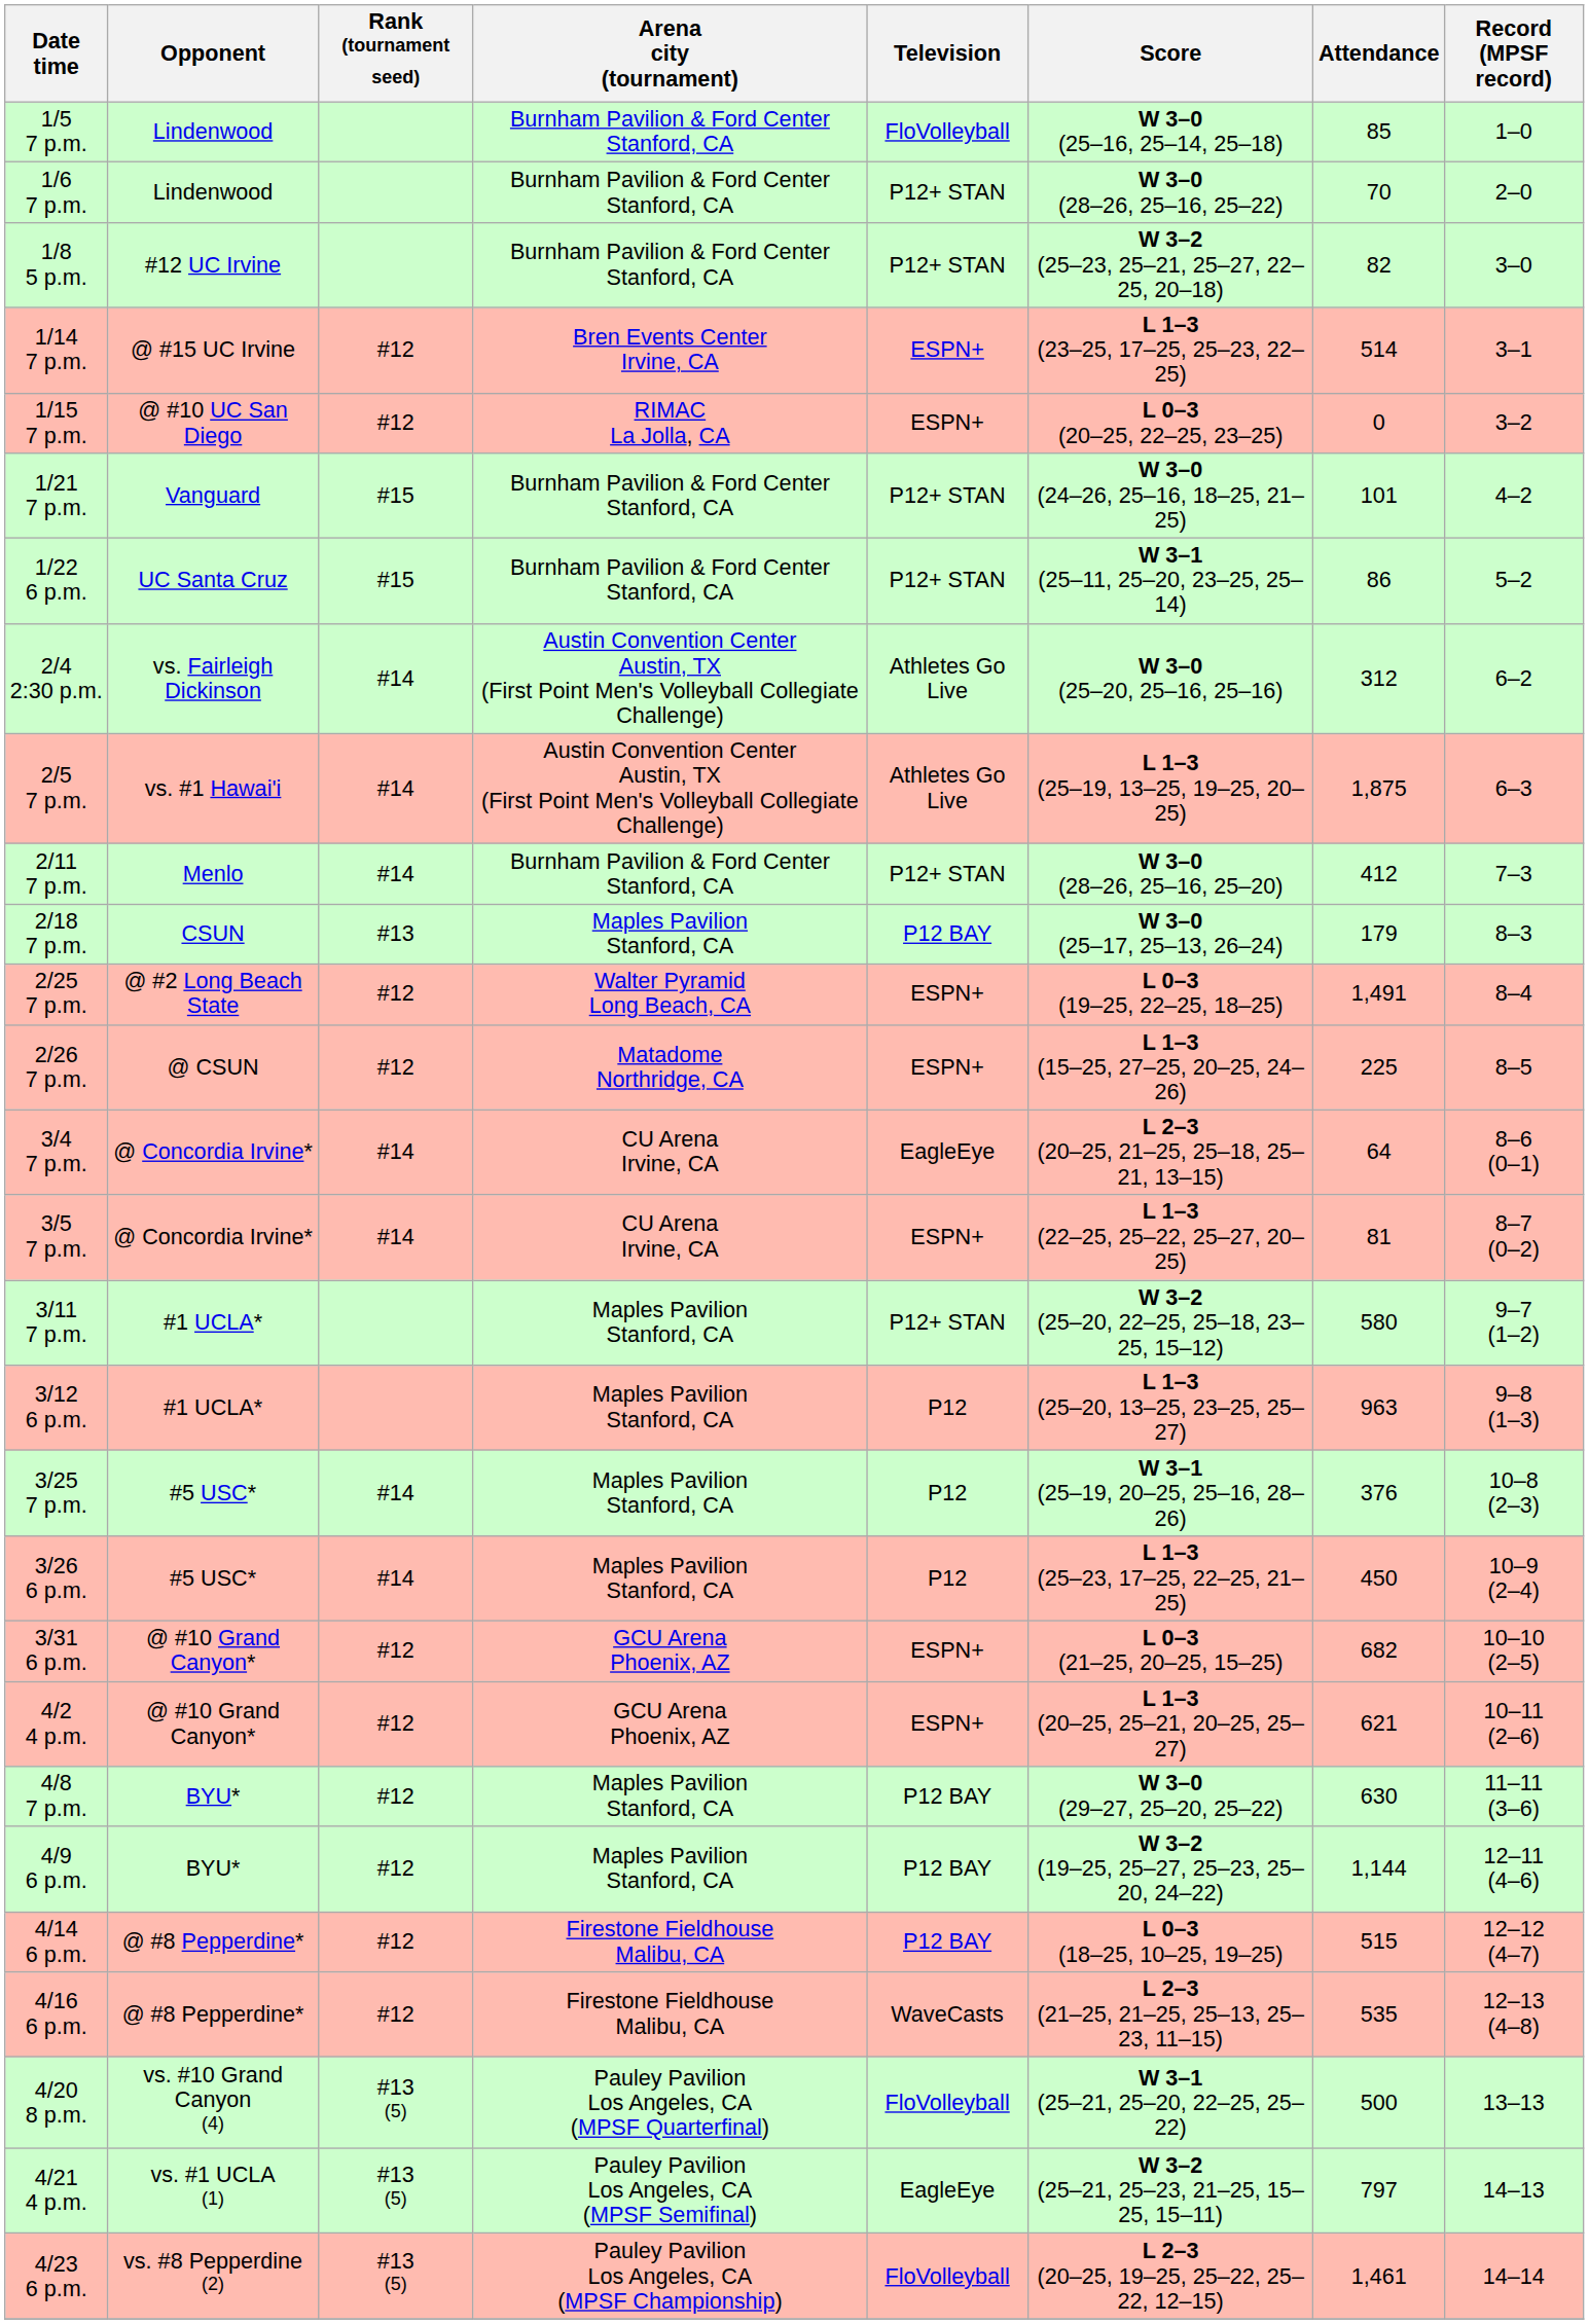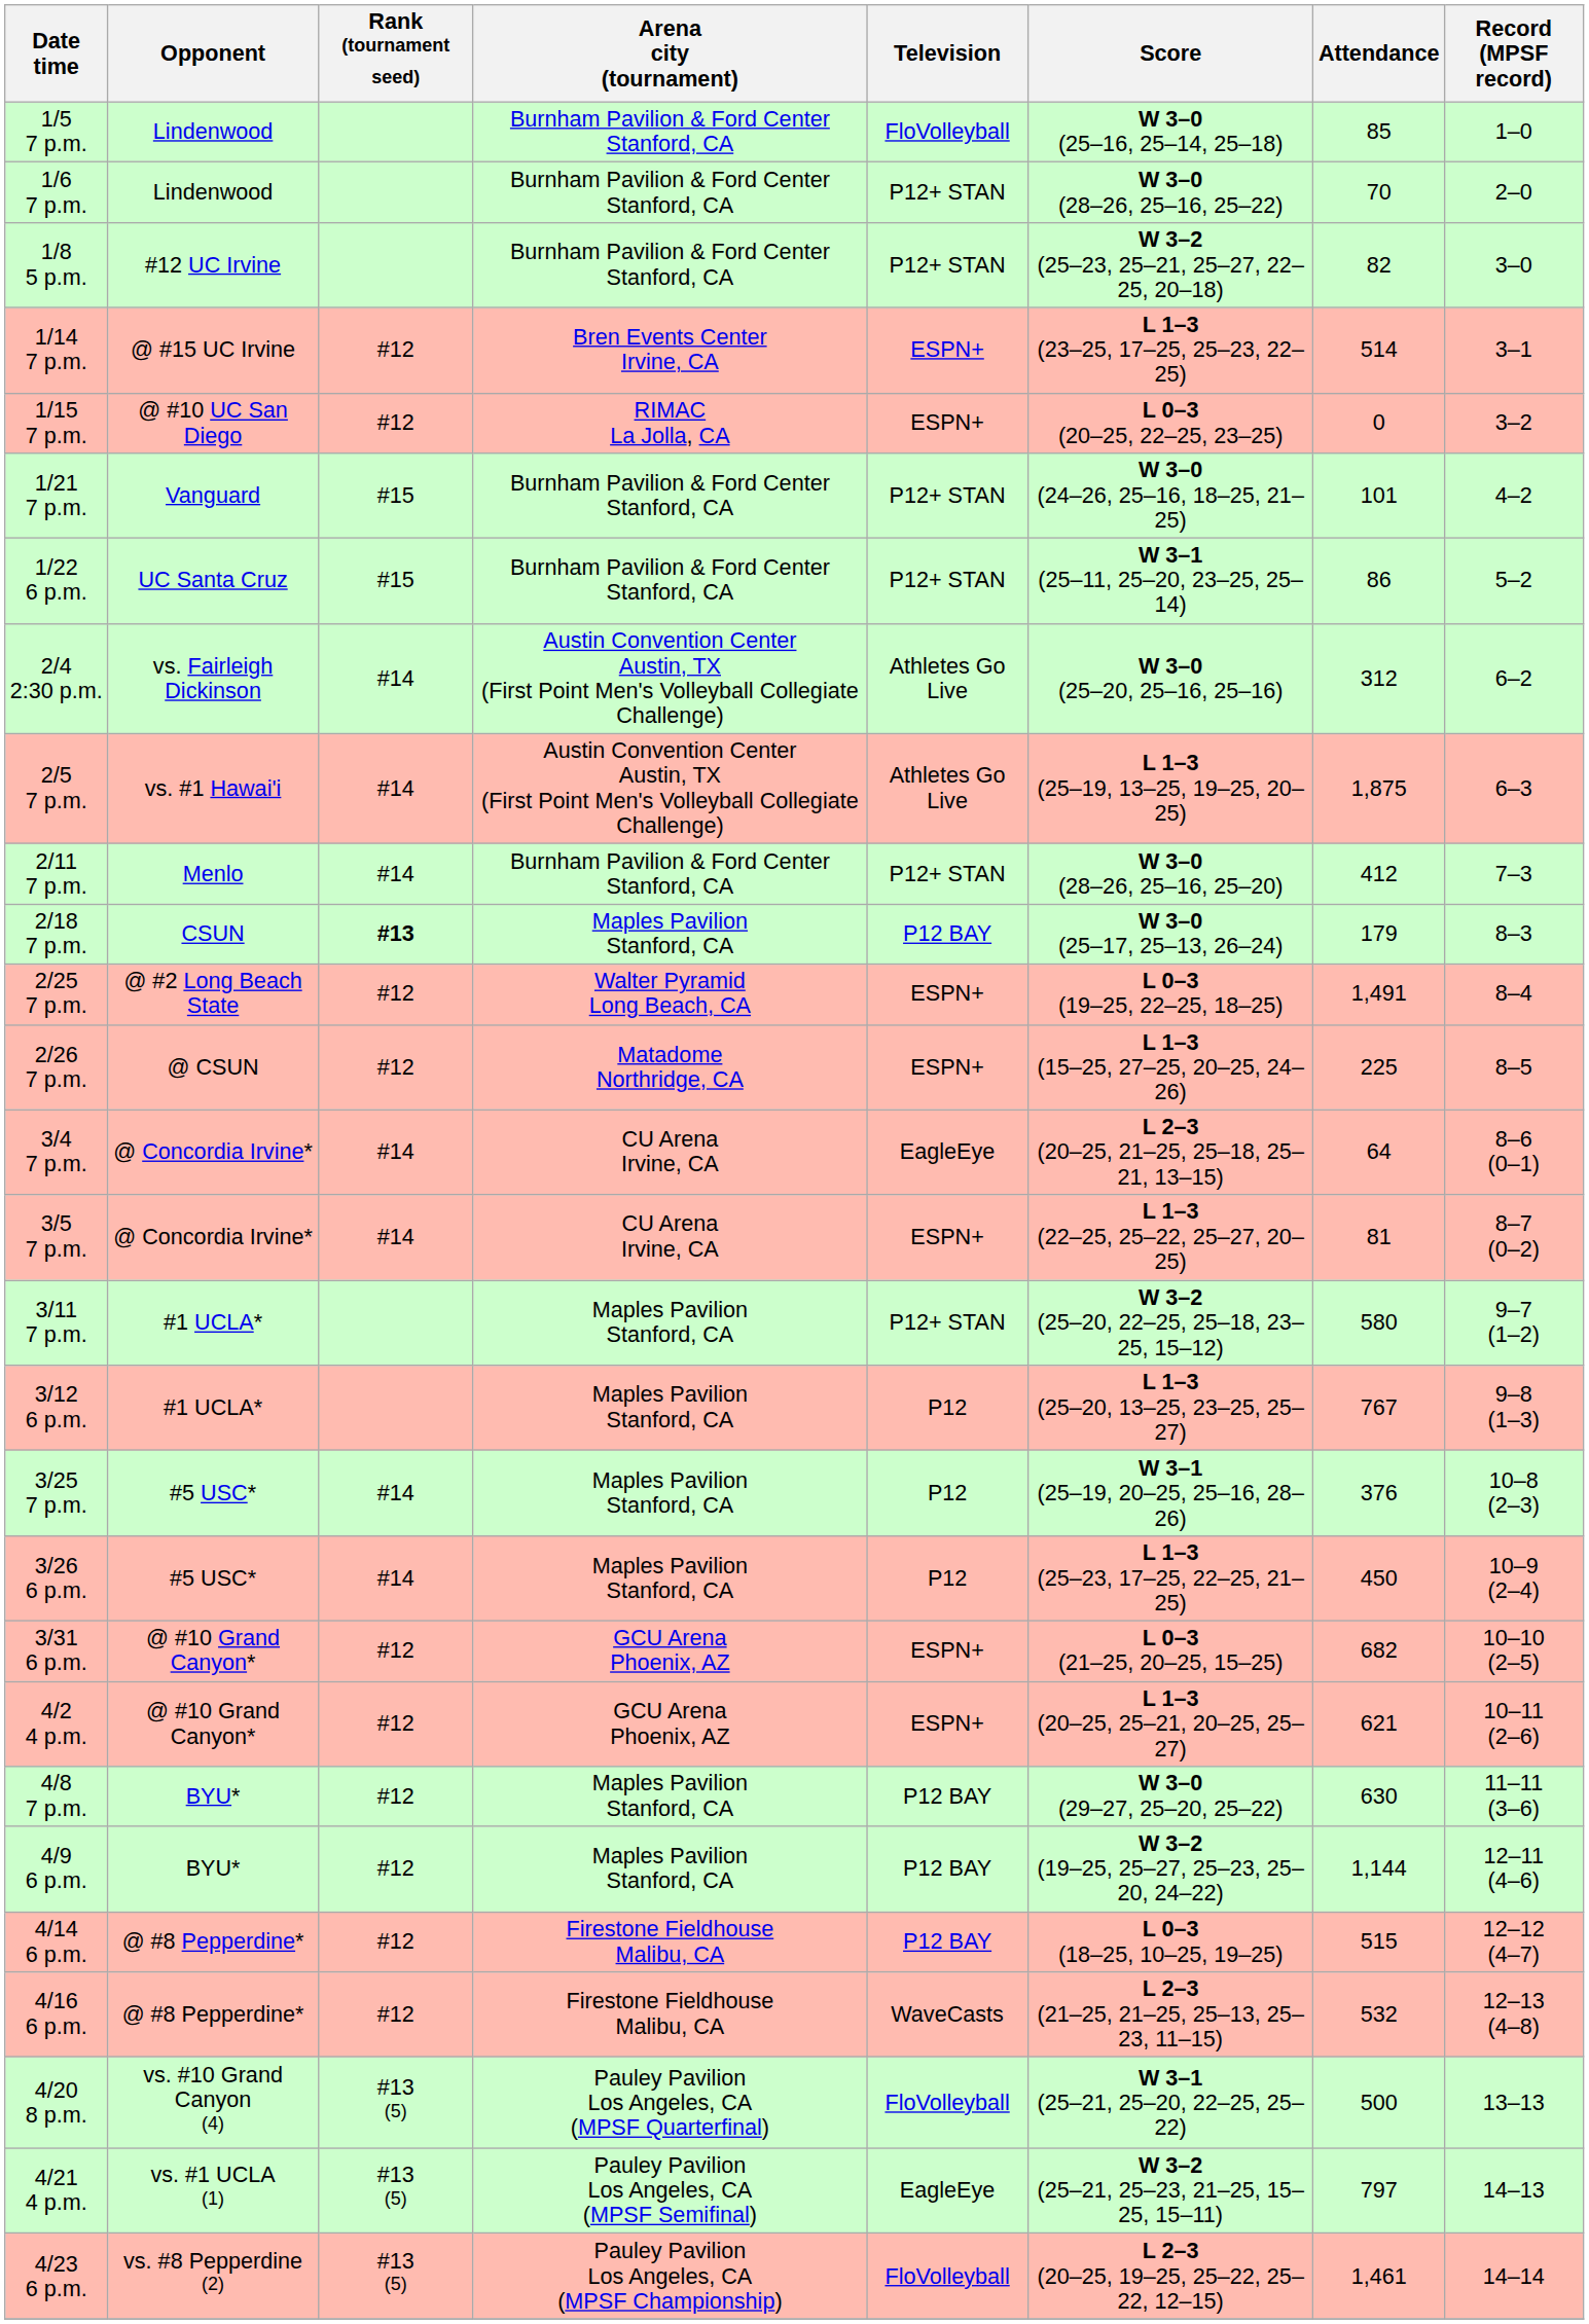 <table class="wikitable sortable" style="width:90%">
 <tr>
 <th>Date<br>time</th>
 <th>Opponent</th>
 <th>Rank<br><sup>(tournament seed)</sup></th>
 <th>Arena<br>city<br>(tournament)</th>
 <th>Television</th>
 <th>Score</th>
 <th>Attendance</th>
 <th>Record<br>(MPSF record)</th>
 </tr>
 <tr align="center" bgcolor="#ccffcc">
 <td>1/5<br>7 p.m.</td>
 <td><a href='#'>Lindenwood</a></td>
 <td></td>
 <td><a href='#'>Burnham Pavilion & Ford Center</a><br><a href='#'>Stanford, CA</a></td>
 <td><a href='#'>FloVolleyball</a></td>
 <td><strong>W 3–0</strong><br>(25–16, 25–14, 25–18)</td>
 <td>85</td>
 <td>1–0</td>
 </tr>
 <tr align="center" bgcolor="#ccffcc">
 <td>1/6<br>7 p.m.</td>
 <td>Lindenwood</td>
 <td></td>
 <td>Burnham Pavilion & Ford Center<br>Stanford, CA</td>
 <td>P12+ STAN</td>
 <td><strong>W 3–0</strong><br>(28–26, 25–16, 25–22)</td>
 <td>70</td>
 <td>2–0</td>
 </tr>
 <tr align="center" bgcolor="#ccffcc">
 <td>1/8<br>5 p.m.</td>
 <td>#12 <a href='#'>UC Irvine</a></td>
 <td></td>
 <td>Burnham Pavilion & Ford Center<br>Stanford, CA</td>
 <td>P12+ STAN</td>
 <td><strong>W 3–2</strong><br> (25–23, 25–21, 25–27, 22–25, 20–18)</td>
 <td>82</td>
 <td>3–0</td>
 </tr>
 <tr align="center" bgcolor="#ffbbb">
 <td>1/14<br>7 p.m.</td>
 <td>@ #15 UC Irvine</td>
 <td>#12</td>
 <td><a href='#'>Bren Events Center</a><br><a href='#'>Irvine, CA</a></td>
 <td><a href='#'>ESPN+</a></td>
 <td><strong>L 1–3</strong><br> (23–25, 17–25, 25–23, 22–25)</td>
 <td>514</td>
 <td>3–1</td>
 </tr>
 <tr align="center" bgcolor="#ffbbb">
 <td>1/15<br>7 p.m.</td>
 <td>@ #10 <a href='#'>UC San Diego</a></td>
 <td>#12</td>
 <td><a href='#'>RIMAC</a><br><a href='#'>La Jolla</a>, <a href='#'>CA</a></td>
 <td>ESPN+</td>
 <td><strong>L 0–3</strong><br>(20–25, 22–25, 23–25)</td>
 <td>0</td>
 <td>3–2</td>
 </tr>
 <tr align="center" bgcolor="#ccffcc">
 <td>1/21<br>7 p.m.</td>
 <td><a href='#'>Vanguard</a></td>
 <td>#15</td>
 <td>Burnham Pavilion & Ford Center<br>Stanford, CA</td>
 <td>P12+ STAN</td>
 <td><strong>W 3–0</strong><br>(24–26, 25–16, 18–25, 21–25)</td>
 <td>101</td>
 <td>4–2</td>
 </tr>
 <tr align="center" bgcolor="#ccffcc">
 <td>1/22<br>6 p.m.</td>
 <td><a href='#'>UC Santa Cruz</a></td>
 <td>#15</td>
 <td>Burnham Pavilion & Ford Center<br>Stanford, CA</td>
 <td>P12+ STAN</td>
 <td><strong>W 3–1</strong><br>(25–11, 25–20, 23–25, 25–14)</td>
 <td>86</td>
 <td>5–2</td>
 </tr>
 <tr align="center" bgcolor="#ccffcc">
 <td>2/4<br>2:30 p.m.</td>
 <td>vs. <a href='#'>Fairleigh Dickinson</a></td>
 <td>#14</td>
 <td><a href='#'>Austin Convention Center</a><br><a href='#'>Austin, TX</a><br>(First Point Men's Volleyball Collegiate Challenge)</td>
 <td>Athletes Go Live</td>
 <td><strong>W 3–0</strong><br>(25–20, 25–16, 25–16)</td>
 <td>312</td>
 <td>6–2</td>
 </tr>
 <tr align="center" bgcolor="#ffbbb">
 <td>2/5<br>7 p.m.</td>
 <td>vs. #1 <a href='#'>Hawai'i</a></td>
 <td>#14</td>
 <td>Austin Convention Center<br>Austin, TX<br>(First Point Men's Volleyball Collegiate Challenge)</td>
 <td>Athletes Go Live</td>
 <td><strong>L 1–3</strong><br>(25–19, 13–25, 19–25, 20–25)</td>
 <td>1,875</td>
 <td>6–3</td>
 </tr>
 <tr align="center" bgcolor="#ccffcc">
 <td>2/11<br>7 p.m.</td>
 <td><a href='#'>Menlo</a></td>
 <td>#14</td>
 <td>Burnham Pavilion & Ford Center<br>Stanford, CA</td>
 <td>P12+ STAN</td>
 <td><strong>W 3–0</strong><br>(28–26, 25–16, 25–20)</td>
 <td>412</td>
 <td>7–3</td>
 </tr>
 <tr align="center" bgcolor="#ccffcc">
 <td>2/18<br>7 p.m.</td>
 <td><a href='#'>CSUN</a></td>
-<td>#13</td>
+<td><strong>#13</strong></td>
 <td><a href='#'>Maples Pavilion</a><br>Stanford, CA</td>
 <td><a href='#'>P12 BAY</a></td>
 <td><strong>W 3–0</strong><br>(25–17, 25–13, 26–24)</td>
 <td>179</td>
 <td>8–3</td>
 </tr>
 <tr align="center" bgcolor="#ffbbb">
 <td>2/25<br>7 p.m.</td>
 <td>@ #2 <a href='#'>Long Beach State</a></td>
 <td>#12</td>
 <td><a href='#'>Walter Pyramid</a><br><a href='#'>Long Beach, CA</a></td>
 <td>ESPN+</td>
 <td><strong>L 0–3</strong><br>(19–25, 22–25, 18–25)</td>
 <td>1,491</td>
 <td>8–4</td>
 </tr>
 <tr align="center" bgcolor="#ffbbb">
 <td>2/26<br>7 p.m.</td>
 <td>@ CSUN</td>
 <td>#12</td>
 <td><a href='#'>Matadome</a><br><a href='#'>Northridge, CA</a></td>
 <td>ESPN+</td>
 <td><strong>L 1–3</strong><br>(15–25, 27–25, 20–25, 24–26)</td>
 <td>225</td>
 <td>8–5</td>
 </tr>
 <tr align="center" bgcolor="#ffbbb">
 <td>3/4<br>7 p.m.</td>
 <td>@ <a href='#'>Concordia Irvine</a>*</td>
 <td>#14</td>
 <td>CU Arena<br>Irvine, CA</td>
 <td>EagleEye</td>
 <td><strong>L 2–3</strong><br>(20–25, 21–25, 25–18, 25–21, 13–15)</td>
 <td>64</td>
 <td>8–6<br>(0–1)</td>
 </tr>
 <tr align="center" bgcolor="#ffbbb">
 <td>3/5<br>7 p.m.</td>
 <td>@ Concordia Irvine*</td>
 <td>#14</td>
 <td>CU Arena<br>Irvine, CA</td>
 <td>ESPN+</td>
 <td><strong>L 1–3</strong><br>(22–25, 25–22, 25–27, 20–25)</td>
 <td>81</td>
 <td>8–7<br>(0–2)</td>
 </tr>
 <tr align="center" bgcolor="#ccffcc">
 <td>3/11<br>7 p.m.</td>
 <td>#1 <a href='#'>UCLA</a>*</td>
 <td></td>
 <td>Maples Pavilion<br>Stanford, CA</td>
 <td>P12+ STAN</td>
 <td><strong>W 3–2</strong><br>(25–20, 22–25, 25–18, 23–25, 15–12)</td>
 <td>580</td>
 <td>9–7<br>(1–2)</td>
 </tr>
 <tr align="center" bgcolor="#ffbbb">
 <td>3/12<br>6 p.m.</td>
 <td>#1 UCLA*</td>
 <td></td>
 <td>Maples Pavilion<br>Stanford, CA</td>
 <td>P12</td>
 <td><strong>L 1–3</strong><br>(25–20, 13–25, 23–25, 25–27)</td>
-<td>963</td>
+<td>767</td>
 <td>9–8<br>(1–3)</td>
 </tr>
 <tr align="center" bgcolor="#ccffcc">
 <td>3/25<br>7 p.m.</td>
 <td>#5 <a href='#'>USC</a>*</td>
 <td>#14</td>
 <td>Maples Pavilion<br>Stanford, CA</td>
 <td>P12</td>
 <td><strong>W 3–1</strong><br>(25–19, 20–25, 25–16, 28–26)</td>
 <td>376</td>
 <td>10–8<br>(2–3)</td>
 </tr>
 <tr align="center" bgcolor="#ffbbb">
 <td>3/26<br>6 p.m.</td>
 <td>#5 USC*</td>
 <td>#14</td>
 <td>Maples Pavilion<br>Stanford, CA</td>
 <td>P12</td>
 <td><strong>L 1–3</strong><br>(25–23, 17–25, 22–25, 21–25)</td>
 <td>450</td>
 <td>10–9<br>(2–4)</td>
 </tr>
 <tr align="center" bgcolor="#ffbbb">
 <td>3/31<br>6 p.m.</td>
 <td>@ #10 <a href='#'>Grand Canyon</a>*</td>
 <td>#12</td>
 <td><a href='#'>GCU Arena</a><br><a href='#'>Phoenix, AZ</a></td>
 <td>ESPN+</td>
 <td><strong>L 0–3</strong><br>(21–25, 20–25, 15–25)</td>
 <td>682</td>
 <td>10–10<br>(2–5)</td>
 </tr>
 <tr align="center" bgcolor="#ffbbb">
 <td>4/2<br>4 p.m.</td>
 <td>@ #10 Grand Canyon*</td>
 <td>#12</td>
 <td>GCU Arena<br>Phoenix, AZ</td>
 <td>ESPN+</td>
 <td><strong>L 1–3</strong><br>(20–25, 25–21, 20–25, 25–27)</td>
 <td>621</td>
 <td>10–11<br>(2–6)</td>
 </tr>
 <tr align="center" bgcolor="#ccffcc">
 <td>4/8<br>7 p.m.</td>
 <td><a href='#'>BYU</a>*</td>
 <td>#12</td>
 <td>Maples Pavilion<br>Stanford, CA</td>
 <td>P12 BAY</td>
 <td><strong>W 3–0</strong><br>(29–27, 25–20, 25–22)</td>
 <td>630</td>
 <td>11–11<br>(3–6)</td>
 </tr>
 <tr align="center" bgcolor="#ccffcc">
 <td>4/9<br>6 p.m.</td>
 <td>BYU*</td>
 <td>#12</td>
 <td>Maples Pavilion<br>Stanford, CA</td>
 <td>P12 BAY</td>
 <td><strong>W 3–2</strong><br>(19–25, 25–27, 25–23, 25–20, 24–22)</td>
 <td>1,144</td>
 <td>12–11<br>(4–6)</td>
 </tr>
 <tr align="center" bgcolor="#ffbbb">
 <td>4/14<br>6 p.m.</td>
 <td>@ #8 <a href='#'>Pepperdine</a>*</td>
 <td>#12</td>
 <td><a href='#'>Firestone Fieldhouse</a><br><a href='#'>Malibu, CA</a></td>
 <td><a href='#'>P12 BAY</a></td>
 <td><strong>L 0–3</strong><br>(18–25, 10–25, 19–25)</td>
 <td>515</td>
 <td>12–12<br>(4–7)</td>
 </tr>
 <tr align="center" bgcolor="#ffbbb">
 <td>4/16<br>6 p.m.</td>
 <td>@ #8 Pepperdine*</td>
 <td>#12</td>
 <td>Firestone Fieldhouse<br>Malibu, CA</td>
 <td>WaveCasts</td>
 <td><strong>L 2–3</strong><br>(21–25, 21–25, 25–13, 25–23, 11–15)</td>
-<td>535</td>
+<td>532</td>
 <td>12–13<br>(4–8)</td>
 </tr>
 <tr align="center" bgcolor="#ccffcc">
 <td>4/20<br>8 p.m.</td>
 <td>vs. #10 Grand Canyon <br> <sup>(4)</sup></td>
 <td>#13 <br> <sup>(5)</sup></td>
 <td>Pauley Pavilion<br>Los Angeles, CA<br>(<a href='#'>MPSF Quarterfinal</a>)</td>
 <td><a href='#'>FloVolleyball</a></td>
 <td><strong>W 3–1</strong><br>(25–21, 25–20, 22–25, 25–22)</td>
 <td>500</td>
 <td>13–13</td>
 </tr>
 <tr align="center" bgcolor="#ccffcc">
 <td>4/21<br>4 p.m.</td>
 <td>vs. #1 UCLA <br> <sup>(1)</sup></td>
 <td>#13 <br> <sup>(5)</sup></td>
 <td>Pauley Pavilion<br>Los Angeles, CA<br>(<a href='#'>MPSF Semifinal</a>)</td>
 <td>EagleEye</td>
 <td><strong>W 3–2</strong><br>(25–21, 25–23, 21–25, 15–25, 15–11)</td>
 <td>797</td>
 <td>14–13</td>
 </tr>
 <tr align="center" bgcolor="#ffbbb">
 <td>4/23<br>6 p.m.</td>
 <td>vs. #8 Pepperdine <br> <sup>(2)</sup></td>
 <td>#13 <br> <sup>(5)</sup></td>
 <td>Pauley Pavilion<br>Los Angeles, CA<br>(<a href='#'>MPSF Championship</a>)</td>
 <td><a href='#'>FloVolleyball</a></td>
 <td><strong>L 2–3</strong><br>(20–25, 19–25, 25–22, 25–22, 12–15)</td>
 <td>1,461</td>
 <td>14–14</td>
 </tr>
 <tr>
 </tr>
 </table>
